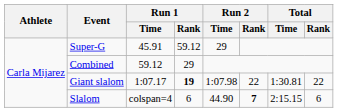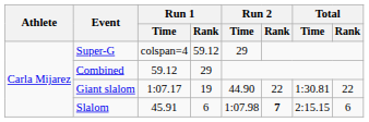 <table class="wikitable" style="font-size:90%">
 <tr>
 <th rowspan=2>Athlete</th>
 <th rowspan=2>Event</th>
 <th colspan=2>Run 1</th>
 <th colspan=2>Run 2</th>
 <th colspan=2>Total</th>
 </tr>
 <tr style="font-size:95%">
 <th>Time</th>
 <th>Rank</th>
 <th>Time</th>
 <th>Rank</th>
 <th>Time</th>
 <th>Rank</th>
 </tr>
 <tr align=center>
 <td align="left" rowspan="4"><a href='#'>Carla Mijarez</a></td>
 <td align="left"><a href='#'>Super-G</a></td>
-<td>45.91</td>
+<td>colspan=4</td>
 <td>59.12</td>
 <td>29</td>
 </tr>
 <tr align=center>
 <td align="left"><a href='#'>Combined</a></td>
 <td>59.12</td>
 <td>29</td>
 <td colspan=4></td>
 </tr>
 <tr align=center>
 <td align="left"><a href='#'>Giant slalom</a></td>
 <td>1:07.17</td>
-<td><strong>19</strong></td>
-<td>1:07.98</td>
+<td>19</td>
+<td>44.90</td>
 <td>22</td>
 <td>1:30.81</td>
 <td>22</td>
 </tr>
 <tr align=center>
 <td align="left"><a href='#'>Slalom</a></td>
-<td>colspan=4</td>
+<td>45.91</td>
 <td>6</td>
-<td>44.90</td>
+<td>1:07.98</td>
 <td><strong>7</strong></td>
 <td>2:15.15</td>
 <td>6</td>
 </tr>
 </table>
